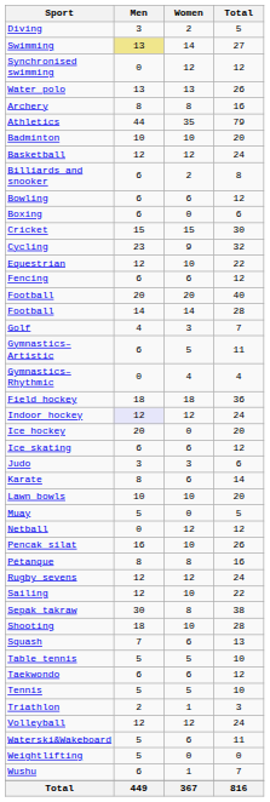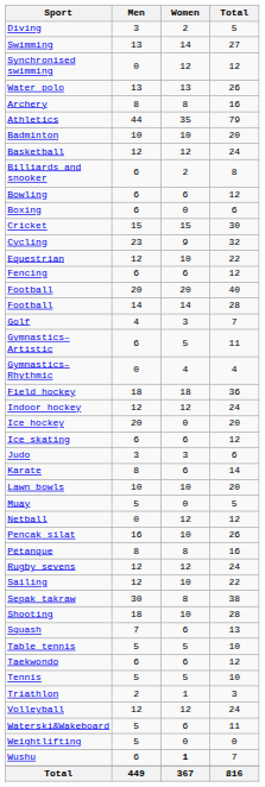 <table class="wikitable sortable" style="font-size:90%; text-align:center;">
 <tr>
 <th width=120>Sport</th>
 <th width=55>Men</th>
 <th width=55>Women</th>
 <th width=55>Total</th>
 </tr>
 <tr>
 <td align=left><a href='#'>Diving</a></td>
 <td>3</td>
 <td>2</td>
 <td>5</td>
 </tr>
 <tr>
 <td align=left><a href='#'>Swimming</a></td>
-<td style="background: khaki;">13</td>
+<td>13</td>
 <td>14</td>
 <td>27</td>
 </tr>
 <tr>
 <td align=left><a href='#'>Synchronised swimming</a></td>
 <td>0</td>
 <td>12</td>
 <td>12</td>
 </tr>
 <tr>
 <td align=left><a href='#'>Water polo</a></td>
 <td>13</td>
 <td>13</td>
 <td>26</td>
 </tr>
 <tr>
 <td align=left><a href='#'>Archery</a></td>
 <td>8</td>
 <td>8</td>
 <td>16</td>
 </tr>
 <tr>
 <td align=left><a href='#'>Athletics</a></td>
 <td>44</td>
 <td>35</td>
 <td>79</td>
 </tr>
 <tr>
 <td align=left><a href='#'>Badminton</a></td>
 <td>10</td>
 <td>10</td>
 <td>20</td>
 </tr>
 <tr>
 <td align=left><a href='#'>Basketball</a></td>
 <td>12</td>
 <td>12</td>
 <td>24</td>
 </tr>
 <tr>
 <td align=left><a href='#'>Billiards and snooker</a></td>
 <td>6</td>
 <td>2</td>
 <td>8</td>
 </tr>
 <tr>
 <td align=left><a href='#'>Bowling</a></td>
 <td>6</td>
 <td>6</td>
 <td>12</td>
 </tr>
 <tr>
 <td align=left><a href='#'>Boxing</a></td>
 <td>6</td>
 <td>0</td>
 <td>6</td>
 </tr>
 <tr>
 <td align=left><a href='#'>Cricket</a></td>
 <td>15</td>
 <td>15</td>
 <td>30</td>
 </tr>
 <tr>
 <td align=left><a href='#'>Cycling</a></td>
 <td>23</td>
 <td>9</td>
 <td>32</td>
 </tr>
 <tr>
 <td align=left><a href='#'>Equestrian</a></td>
 <td>12</td>
 <td>10</td>
 <td>22</td>
 </tr>
 <tr>
 <td align=left><a href='#'>Fencing</a></td>
 <td>6</td>
 <td>6</td>
 <td>12</td>
 </tr>
 <tr>
 <td align=left><a href='#'>Football</a></td>
 <td>20</td>
 <td>20</td>
 <td>40</td>
 </tr>
 <tr>
 <td align=left><a href='#'>Football</a></td>
 <td>14</td>
 <td>14</td>
 <td>28</td>
 </tr>
 <tr>
 <td align=left><a href='#'>Golf</a></td>
 <td>4</td>
 <td>3</td>
 <td>7</td>
 </tr>
 <tr>
 <td align=left><a href='#'>Gymnastics–Artistic</a></td>
 <td>6</td>
 <td>5</td>
 <td>11</td>
 </tr>
 <tr>
 <td align=left><a href='#'>Gymnastics–Rhythmic</a></td>
 <td>0</td>
 <td>4</td>
 <td>4</td>
 </tr>
 <tr>
 <td align=left><a href='#'>Field hockey</a></td>
 <td>18</td>
 <td>18</td>
 <td>36</td>
 </tr>
 <tr>
 <td align=left><a href='#'>Indoor hockey</a></td>
-<td style="background: lavender;">12</td>
+<td>12</td>
 <td>12</td>
 <td>24</td>
 </tr>
 <tr>
 <td align=left><a href='#'>Ice hockey</a></td>
 <td>20</td>
 <td>0</td>
 <td>20</td>
 </tr>
 <tr>
 <td align=left><a href='#'>Ice skating</a></td>
 <td>6</td>
 <td>6</td>
 <td>12</td>
 </tr>
 <tr>
 <td align=left><a href='#'>Judo</a></td>
 <td>3</td>
 <td>3</td>
 <td>6</td>
 </tr>
 <tr>
 <td align=left><a href='#'>Karate</a></td>
 <td>8</td>
 <td>6</td>
 <td>14</td>
 </tr>
 <tr>
 <td align=left><a href='#'>Lawn bowls</a></td>
 <td>10</td>
 <td>10</td>
 <td>20</td>
 </tr>
 <tr>
 <td align=left><a href='#'>Muay</a></td>
 <td>5</td>
 <td>0</td>
 <td>5</td>
 </tr>
 <tr>
 <td align=left><a href='#'>Netball</a></td>
 <td>0</td>
 <td>12</td>
 <td>12</td>
 </tr>
 <tr>
 <td align=left><a href='#'>Pencak silat</a></td>
 <td>16</td>
 <td>10</td>
 <td>26</td>
 </tr>
 <tr>
 <td align=left><a href='#'>Pétanque</a></td>
 <td>8</td>
 <td>8</td>
 <td>16</td>
 </tr>
 <tr>
 <td align=left><a href='#'>Rugby sevens</a></td>
 <td>12</td>
 <td>12</td>
 <td>24</td>
 </tr>
 <tr>
 <td align=left><a href='#'>Sailing</a></td>
 <td>12</td>
 <td>10</td>
 <td>22</td>
 </tr>
 <tr>
 <td align=left><a href='#'>Sepak takraw</a></td>
 <td>30</td>
 <td>8</td>
 <td>38</td>
 </tr>
 <tr>
 <td align=left><a href='#'>Shooting</a></td>
 <td>18</td>
 <td>10</td>
 <td>28</td>
 </tr>
 <tr>
 <td align=left><a href='#'>Squash</a></td>
 <td>7</td>
 <td>6</td>
 <td>13</td>
 </tr>
 <tr>
 <td align=left><a href='#'>Table tennis</a></td>
 <td>5</td>
 <td>5</td>
 <td>10</td>
 </tr>
 <tr>
 <td align=left><a href='#'>Taekwondo</a></td>
 <td>6</td>
 <td>6</td>
 <td>12</td>
 </tr>
 <tr>
 <td align=left><a href='#'>Tennis</a></td>
 <td>5</td>
 <td>5</td>
 <td>10</td>
 </tr>
 <tr>
 <td align=left><a href='#'>Triathlon</a></td>
 <td>2</td>
 <td>1</td>
 <td>3</td>
 </tr>
 <tr>
 <td align=left><a href='#'>Volleyball</a></td>
 <td>12</td>
 <td>12</td>
 <td>24</td>
 </tr>
 <tr>
 <td align=left><a href='#'>Waterski&Wakeboard</a></td>
 <td>5</td>
 <td>6</td>
 <td>11</td>
 </tr>
 <tr>
 <td align=left><a href='#'>Weightlifting</a></td>
 <td>5</td>
 <td>0</td>
 <td>0</td>
 </tr>
 <tr>
 <td align=left><a href='#'>Wushu</a></td>
 <td>6</td>
-<td>1</td>
+<td><strong>1</strong></td>
 <td>7</td>
 </tr>
 <tr>
 </tr>
 <tr class="sortbottom">
 <th>Total</th>
 <th>449</th>
 <th>367</th>
 <th>816</th>
 </tr>
 </table>
